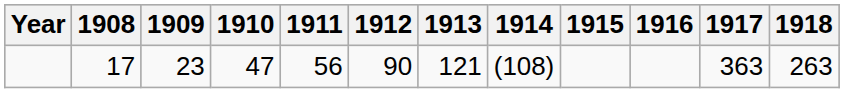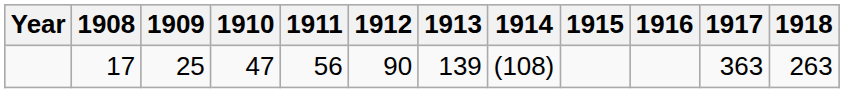 <table class="wikitable">
 <tr>
 <th>Year </th>
 <th>1908</th>
 <th>1909</th>
 <th>1910</th>
 <th>1911</th>
 <th>1912</th>
 <th>1913</th>
 <th>1914</th>
 <th>1915</th>
 <th>1916</th>
 <th>1917</th>
 <th>1918</th>
 </tr>
 <tr>
 <td></td>
 <td align="right">17</td>
-<td align="right">23</td>
+<td align="right">25</td>
 <td align="right">47</td>
 <td align="right">56</td>
 <td align="right">90</td>
-<td align="right">121</td>
+<td align="right">139</td>
 <td align="right">(108)</td>
 <td align="right"></td>
 <td align="right"></td>
 <td align="right">363</td>
 <td align="right">263</td>
 </tr>
 </table>
